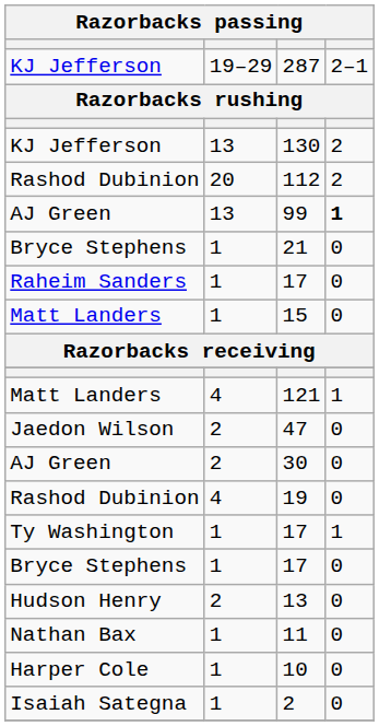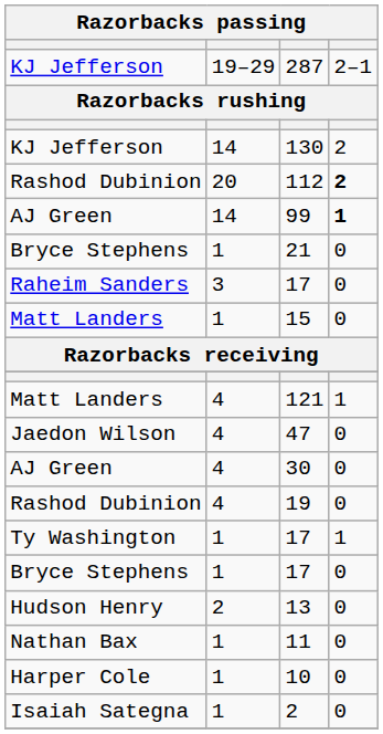 <table class="wikitable plainrowheaders">
 <tr>
 <th colspan="6">Razorbacks passing</th>
 </tr>
 <tr>
 <th scope="col"></th>
 <th scope="col"></th>
 <th scope="col"></th>
 <th scope="col"></th>
 </tr>
 <tr>
 <td><a href='#'>KJ Jefferson</a></td>
 <td>19–29</td>
 <td>287</td>
 <td>2–1</td>
 </tr>
 <tr>
 <th colspan="6">Razorbacks rushing</th>
 </tr>
 <tr>
 <th scope="col"></th>
 <th scope="col"></th>
 <th scope="col"></th>
 <th scope="col"></th>
 </tr>
 <tr>
 <td>KJ Jefferson</td>
-<td>13</td>
+<td>14</td>
 <td>130</td>
 <td>2</td>
 </tr>
 <tr>
 <td>Rashod Dubinion</td>
 <td>20</td>
 <td>112</td>
-<td>2</td>
+<td><strong>2</strong></td>
 </tr>
 <tr>
 <td>AJ Green</td>
-<td>13</td>
+<td>14</td>
 <td>99</td>
 <td><strong>1</strong></td>
 </tr>
 <tr>
 <td>Bryce Stephens</td>
 <td>1</td>
 <td>21</td>
 <td>0</td>
 </tr>
 <tr>
 <td><a href='#'>Raheim Sanders</a></td>
-<td>1</td>
+<td>3</td>
 <td>17</td>
 <td>0</td>
 </tr>
 <tr>
 <td><a href='#'>Matt Landers</a></td>
 <td>1</td>
 <td>15</td>
 <td>0</td>
 </tr>
 <tr>
 <th colspan="6">Razorbacks receiving</th>
 </tr>
 <tr>
 </tr>
 <tr>
 <th scope="col"></th>
 <th scope="col"></th>
 <th scope="col"></th>
 <th scope="col"></th>
 </tr>
 <tr>
 <td>Matt Landers</td>
 <td>4</td>
 <td>121</td>
 <td>1</td>
 </tr>
 <tr>
 <td>Jaedon Wilson</td>
-<td>2</td>
+<td>4</td>
 <td>47</td>
 <td>0</td>
 </tr>
 <tr>
 <td>AJ Green</td>
-<td>2</td>
+<td>4</td>
 <td>30</td>
 <td>0</td>
 </tr>
 <tr>
 <td>Rashod Dubinion</td>
 <td>4</td>
 <td>19</td>
 <td>0</td>
 </tr>
 <tr>
 <td>Ty Washington</td>
 <td>1</td>
 <td>17</td>
 <td>1</td>
 </tr>
 <tr>
 <td>Bryce Stephens</td>
 <td>1</td>
 <td>17</td>
 <td>0</td>
 </tr>
 <tr>
 <td>Hudson Henry</td>
 <td>2</td>
 <td>13</td>
 <td>0</td>
 </tr>
 <tr>
 <td>Nathan Bax</td>
 <td>1</td>
 <td>11</td>
 <td>0</td>
 </tr>
 <tr>
 <td>Harper Cole</td>
 <td>1</td>
 <td>10</td>
 <td>0</td>
 </tr>
 <tr>
 <td>Isaiah Sategna</td>
 <td>1</td>
 <td>2</td>
 <td>0</td>
 </tr>
 <tr>
 </tr>
 </table>
